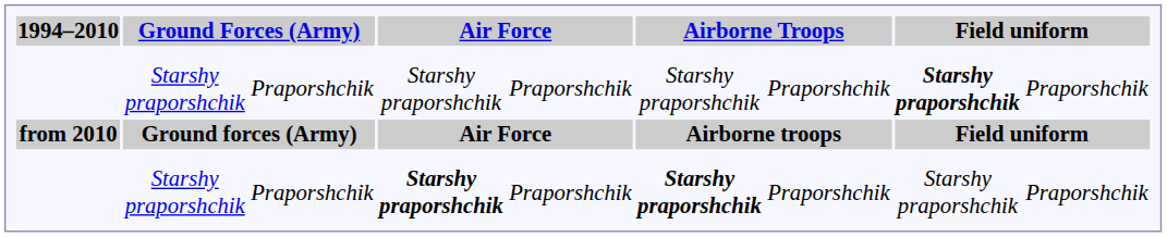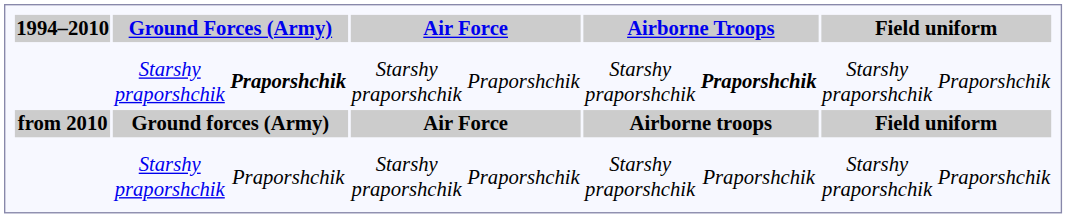 <table style="border:1px solid #8888aa; background-color:#f7f8ff; padding:5px; font-size:95%; margin: 0px 12px 12px 0px;">
 <tr bgcolor="#CCCCCC">
 <th>1994–2010</th>
 <th colspan=2><a href='#'>Ground Forces (Army)</a></th>
 <th colspan=2><a href='#'>Air Force</a></th>
 <th colspan=2><a href='#'>Airborne Troops</a></th>
 <th colspan=2>Field uniform</th>
 </tr>
 <tr rowspan="2">
 </tr>
 <tr align="center">
 <td></td>
 <td></td>
 <td></td>
 <td></td>
 <td></td>
 <td></td>
 <td></td>
 <td></td>
 <td></td>
 </tr>
 <tr rowspan="2">
 </tr>
 <tr align="center">
 <td></td>
 <td><em><a href='#'>Starshy<br>praporshchik</a></em></td>
-<td><em>Praporshchik</em></td>
+<td><strong><em>Praporshchik</em></strong></td>
 <td><em>Starshy<br>praporshchik</em></td>
 <td><em>Praporshchik</em></td>
 <td><em>Starshy<br>praporshchik</em></td>
-<td><em>Praporshchik</em></td>
-<td><strong><em>Starshy<br>praporshchik</em></strong></td>
+<td><strong><em>Praporshchik</em></strong></td>
+<td><em>Starshy<br>praporshchik</em></td>
 <td><em>Praporshchik</em></td>
 </tr>
 <tr bgcolor="#CCCCCC">
 <th>from 2010</th>
 <th colspan=2><strong>Ground forces (Army)</strong></th>
 <th colspan=2><strong>Air Force</strong></th>
 <th colspan=2><strong>Airborne troops</strong></th>
 <th colspan=2><strong>Field uniform</strong></th>
 </tr>
 <tr rowspan="2">
 </tr>
 <tr align="center">
 <td></td>
 <td></td>
 <td></td>
 <td></td>
 <td></td>
 <td></td>
 <td></td>
 <td></td>
 <td></td>
 </tr>
 <tr rowspan="2">
 </tr>
 <tr align="center">
 <td></td>
 <td><em><a href='#'>Starshy<br>praporshchik</a></em></td>
 <td><em>Praporshchik</em></td>
-<td><strong><em>Starshy<br>praporshchik</em></strong></td>
+<td><em>Starshy<br>praporshchik</em></td>
 <td><em>Praporshchik</em></td>
-<td><strong><em>Starshy<br>praporshchik</em></strong></td>
+<td><em>Starshy<br>praporshchik</em></td>
 <td><em>Praporshchik</em></td>
 <td><em>Starshy<br>praporshchik</em></td>
 <td><em>Praporshchik</em></td>
 </tr>
 </table>
